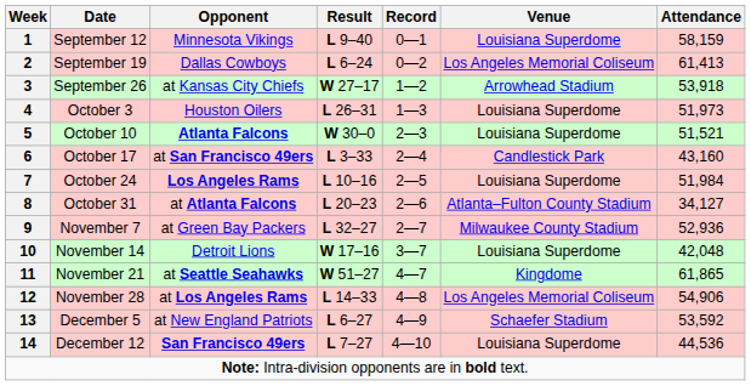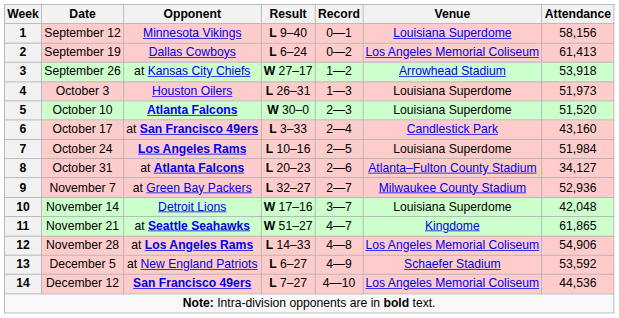 <table class="wikitable"  style="text-align: center;">
 <tr>
 <th>Week</th>
 <th>Date</th>
 <th>Opponent</th>
 <th>Result</th>
 <th>Record</th>
 <th>Venue</th>
 <th>Attendance</th>
 </tr>
 <tr style="background:#fcc">
 <th>1</th>
 <td>September 12</td>
 <td><a href='#'>Minnesota Vikings</a></td>
 <td><strong>L</strong> 9–40</td>
 <td>0—1</td>
 <td><a href='#'>Louisiana Superdome</a></td>
-<td>58,159</td>
+<td>58,156</td>
 </tr>
 <tr style="background:#fcc">
 <th>2</th>
 <td>September 19</td>
 <td><a href='#'>Dallas Cowboys</a></td>
 <td><strong>L</strong> 6–24</td>
 <td>0—2</td>
 <td><a href='#'>Los Angeles Memorial Coliseum</a></td>
 <td>61,413</td>
 </tr>
 <tr style="background:#cfc">
 <th>3</th>
 <td>September 26</td>
 <td>at <a href='#'>Kansas City Chiefs</a></td>
 <td><strong>W</strong> 27–17</td>
 <td>1—2</td>
 <td><a href='#'>Arrowhead Stadium</a></td>
 <td>53,918</td>
 </tr>
 <tr style="background:#fcc">
 <th>4</th>
 <td>October 3</td>
 <td><a href='#'>Houston Oilers</a></td>
 <td><strong>L</strong> 26–31</td>
 <td>1—3</td>
 <td>Louisiana Superdome</td>
 <td>51,973</td>
 </tr>
 <tr style="background:#cfc">
 <th>5</th>
 <td>October 10</td>
 <td><strong><a href='#'>Atlanta Falcons</a></strong></td>
 <td><strong>W</strong> 30–0</td>
 <td>2—3</td>
 <td>Louisiana Superdome</td>
-<td>51,521</td>
+<td>51,520</td>
 </tr>
 <tr style="background:#fcc">
 <th>6</th>
 <td>October 17</td>
 <td>at <strong><a href='#'>San Francisco 49ers</a></strong></td>
 <td><strong>L</strong> 3–33</td>
 <td>2—4</td>
 <td><a href='#'>Candlestick Park</a></td>
 <td>43,160</td>
 </tr>
 <tr style="background:#fcc">
 <th>7</th>
 <td>October 24</td>
 <td><strong><a href='#'>Los Angeles Rams</a></strong></td>
 <td><strong>L</strong> 10–16</td>
 <td>2—5</td>
 <td>Louisiana Superdome</td>
 <td>51,984</td>
 </tr>
 <tr style="background:#fcc">
 <th>8</th>
 <td>October 31</td>
 <td>at <strong><a href='#'>Atlanta Falcons</a></strong></td>
 <td><strong>L</strong> 20–23</td>
 <td>2—6</td>
 <td><a href='#'>Atlanta–Fulton County Stadium</a></td>
 <td>34,127</td>
 </tr>
 <tr style="background:#fcc">
 <th>9</th>
 <td>November 7</td>
 <td>at <a href='#'>Green Bay Packers</a></td>
 <td><strong>L</strong> 32–27</td>
 <td>2—7</td>
 <td><a href='#'>Milwaukee County Stadium</a></td>
 <td>52,936</td>
 </tr>
 <tr style="background:#cfc">
 <th>10</th>
 <td>November 14</td>
 <td><a href='#'>Detroit Lions</a></td>
 <td><strong>W</strong> 17–16</td>
 <td>3—7</td>
 <td>Louisiana Superdome</td>
 <td>42,048</td>
 </tr>
 <tr style="background:#cfc">
 <th>11</th>
 <td>November 21</td>
 <td>at <strong><a href='#'>Seattle Seahawks</a></strong></td>
 <td><strong>W</strong> 51–27</td>
 <td>4—7</td>
 <td><a href='#'>Kingdome</a></td>
 <td>61,865</td>
 </tr>
 <tr style="background:#fcc">
 <th>12</th>
 <td>November 28</td>
 <td>at <strong><a href='#'>Los Angeles Rams</a></strong></td>
 <td><strong>L</strong> 14–33</td>
 <td>4—8</td>
 <td><a href='#'>Los Angeles Memorial Coliseum</a></td>
 <td>54,906</td>
 </tr>
 <tr style="background:#fcc">
 <th>13</th>
 <td>December 5</td>
 <td>at <a href='#'>New England Patriots</a></td>
 <td><strong>L</strong> 6–27</td>
 <td>4—9</td>
 <td><a href='#'>Schaefer Stadium</a></td>
 <td>53,592</td>
 </tr>
 <tr style="background:#fcc">
 <th>14</th>
 <td>December 12</td>
 <td><strong><a href='#'>San Francisco 49ers</a></strong></td>
 <td><strong>L</strong> 7–27</td>
 <td>4—10</td>
-<td>Louisiana Superdome</td>
+<td><a href='#'>Los Angeles Memorial Coliseum</a></td>
 <td>44,536</td>
 </tr>
 <tr>
 <td colspan="7"><strong>Note:</strong> Intra-division opponents are in <strong>bold</strong> text.</td>
 </tr>
 </table>
